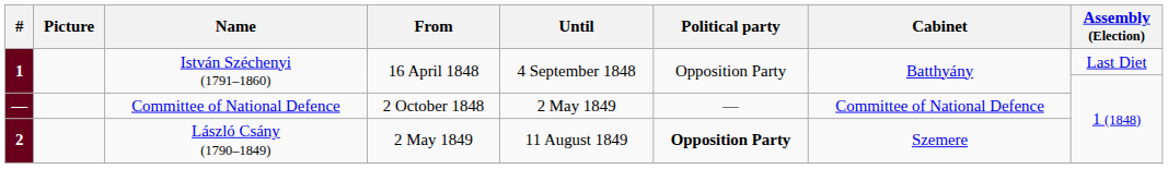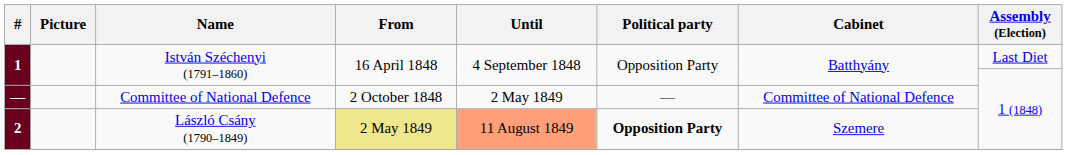 <table width=90% class="wikitable" style="text-align:center">
 <tr>
 <th>#</th>
 <th>Picture</th>
 <th>Name</th>
 <th>From</th>
 <th>Until</th>
 <th>Political party</th>
 <th>Cabinet</th>
 <th><a href='#'>Assembly</a><br><small>(Election)</small></th>
 </tr>
 <tr>
 <th rowspan="2" style="background-color:#68001D; color:white">1</th>
 <td rowspan="2"></td>
 <td rowspan="2"><a href='#'>István Széchenyi</a><br><small>(1791–1860)</small></td>
 <td rowspan="2">16 April 1848</td>
 <td rowspan="2">4 September 1848</td>
 <td rowspan="2">Opposition Party</td>
 <td rowspan="2"><a href='#'>Batthyány</a></td>
 <td><a href='#'>Last Diet</a></td>
 </tr>
 <tr>
 <td rowspan="3"><a href='#'>1 <small>(1848)</small></a></td>
 </tr>
 <tr>
 <th style="background-color:#68001D; color:white">—</th>
 <td></td>
 <td><a href='#'>Committee of National Defence</a></td>
 <td>2 October 1848</td>
 <td>2 May 1849</td>
 <td>—</td>
 <td><a href='#'>Committee of National Defence</a></td>
 </tr>
 <tr>
 <th style="background-color:#68001D; color:white">2</th>
 <td></td>
 <td><a href='#'>László Csány</a><br><small>(1790–1849)</small></td>
-<td>2 May 1849</td>
-<td>11 August 1849</td>
+<td style="background: khaki;">2 May 1849</td>
+<td style="background: lightsalmon;">11 August 1849</td>
 <td><strong>Opposition Party</strong></td>
 <td><a href='#'>Szemere</a></td>
 </tr>
 <tr>
 </tr>
 </table>
